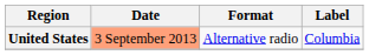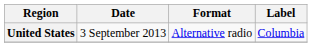 <table class="wikitable plainrowheaders">
 <tr>
 <th scope="col">Region</th>
 <th scope="col">Date</th>
 <th scope="col">Format</th>
 <th scope="col">Label</th>
 </tr>
 <tr>
 <th scope="row">United States</th>
-<td style="background: lightsalmon;">3 September 2013</td>
+<td>3 September 2013</td>
 <td><a href='#'>Alternative</a> radio</td>
 <td><a href='#'>Columbia</a></td>
 </tr>
 <tr>
 </tr>
 </table>
